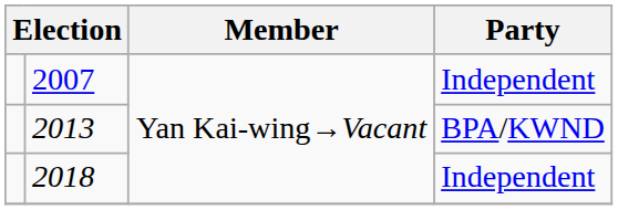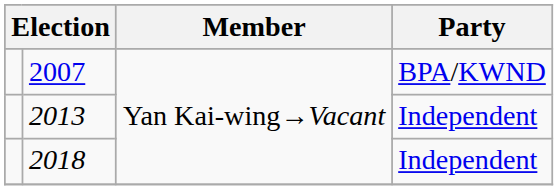 <table class="wikitable">
 <tr>
 <th colspan="2">Election</th>
 <th>Member</th>
 <th>Party</th>
 </tr>
 <tr>
 <td style="background-color: "></td>
 <td><a href='#'>2007</a></td>
 <td rowspan=3>Yan Kai-wing→<em>Vacant</em></td>
-<td><a href='#'>Independent</a></td>
+<td><a href='#'>BPA</a>/<a href='#'>KWND</a></td>
 </tr>
 <tr>
 <td style="background-color: "></td>
 <td><em>2013</em></td>
-<td><a href='#'>BPA</a>/<a href='#'>KWND</a></td>
+<td><a href='#'>Independent</a></td>
 </tr>
 <tr>
 <td style="background-color: "></td>
 <td><em>2018</em></td>
 <td><a href='#'>Independent</a></td>
 </tr>
 <tr>
 </tr>
 </table>
